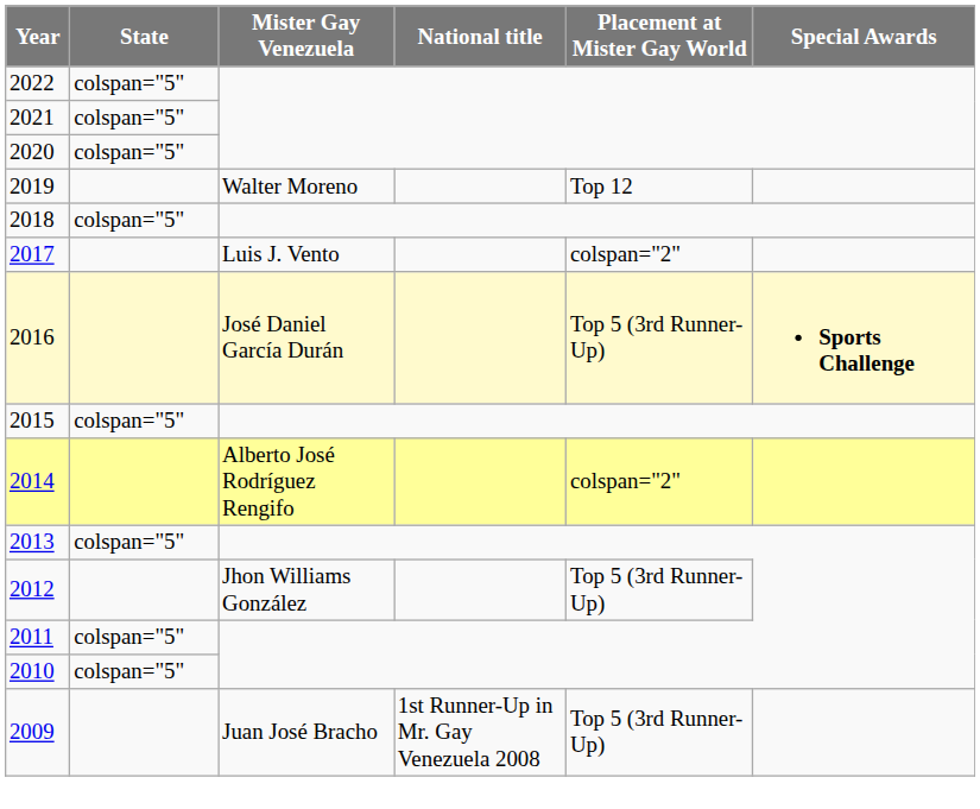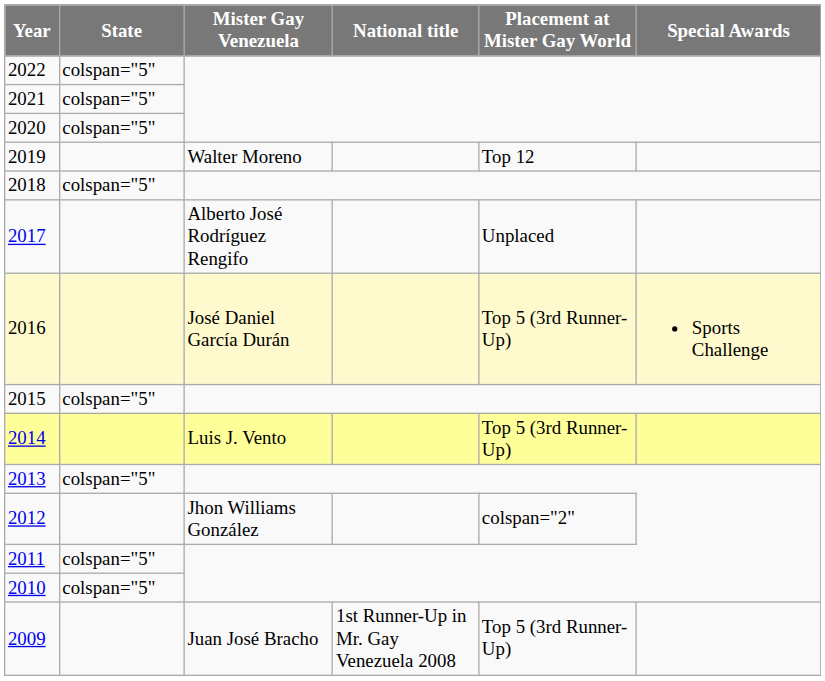 <table class="sortable" border="5" cellpadding="2" cellspacing="0" align=" 0 1em 0 0" style="background: #f9f9f9; border: 1px #aaa solid; border-collapse: collapse; font-size: 90%">
 <tr>
 <th width="60" style="background-color:#787878;color:#FFFFFF;">Year</th>
 <th width="150" style="background-color:#787878;color:#FFFFFF;">State</th>
 <th width="250" style="background-color:#787878;color:#FFFFFF;">Mister Gay Venezuela</th>
 <th width="250" style="background-color:#787878;color:#FFFFFF;">National title</th>
 <th width="250" style="background-color:#787878;color:#FFFFFF;">Placement at Mister Gay World</th>
 <th width="250" style="background-color:#787878;color:#FFFFFF;">Special Awards</th>
 </tr>
 <tr>
 <td>2022</td>
 <td>colspan="5" </td>
 </tr>
 <tr>
 <td>2021</td>
 <td>colspan="5" </td>
 </tr>
 <tr>
 <td>2020</td>
 <td>colspan="5" </td>
 </tr>
 <tr>
 <td>2019</td>
 <td></td>
 <td>Walter Moreno</td>
 <td></td>
 <td>Top 12</td>
 <td></td>
 </tr>
 <tr>
 <td>2018</td>
 <td>colspan="5" </td>
 </tr>
 <tr>
 <td><a href='#'>2017</a></td>
 <td></td>
-<td>Luis J. Vento</td>
+<td>Alberto José Rodríguez Rengifo</td>
 <td></td>
-<td>colspan="2" </td>
+<td>Unplaced</td>
 <td></td>
 </tr>
 <tr bgcolor="#FFFACD">
 <td>2016</td>
 <td></td>
 <td>José Daniel García Durán</td>
 <td></td>
 <td>Top 5 (3rd Runner-Up)</td>
-<td><strong><br><ul><li>Sports Challenge</li></ul></strong></td>
+<td><br><ul><li>Sports Challenge</li></ul></td>
 </tr>
 <tr>
 <td>2015</td>
 <td>colspan="5" </td>
 </tr>
 <tr bgcolor="#FFFF99">
 <td><a href='#'>2014</a></td>
 <td></td>
-<td>Alberto José Rodríguez Rengifo</td>
+<td>Luis J. Vento</td>
 <td></td>
-<td>colspan="2" </td>
+<td>Top 5 (3rd Runner-Up)</td>
 <td></td>
 </tr>
 <tr>
 <td><a href='#'>2013</a></td>
 <td>colspan="5" </td>
 </tr>
 <tr>
 <td><a href='#'>2012</a></td>
 <td></td>
 <td>Jhon Williams González</td>
 <td></td>
-<td>Top 5 (3rd Runner-Up)</td>
+<td>colspan="2" </td>
 </tr>
 <tr>
 <td><a href='#'>2011</a></td>
 <td>colspan="5" </td>
 </tr>
 <tr>
 <td><a href='#'>2010</a></td>
 <td>colspan="5" </td>
 </tr>
 <tr>
 <td><a href='#'>2009</a></td>
 <td></td>
 <td>Juan José Bracho</td>
 <td>1st Runner-Up in Mr. Gay Venezuela 2008</td>
 <td>Top 5 (3rd Runner-Up)</td>
 <td></td>
 </tr>
 </table>
